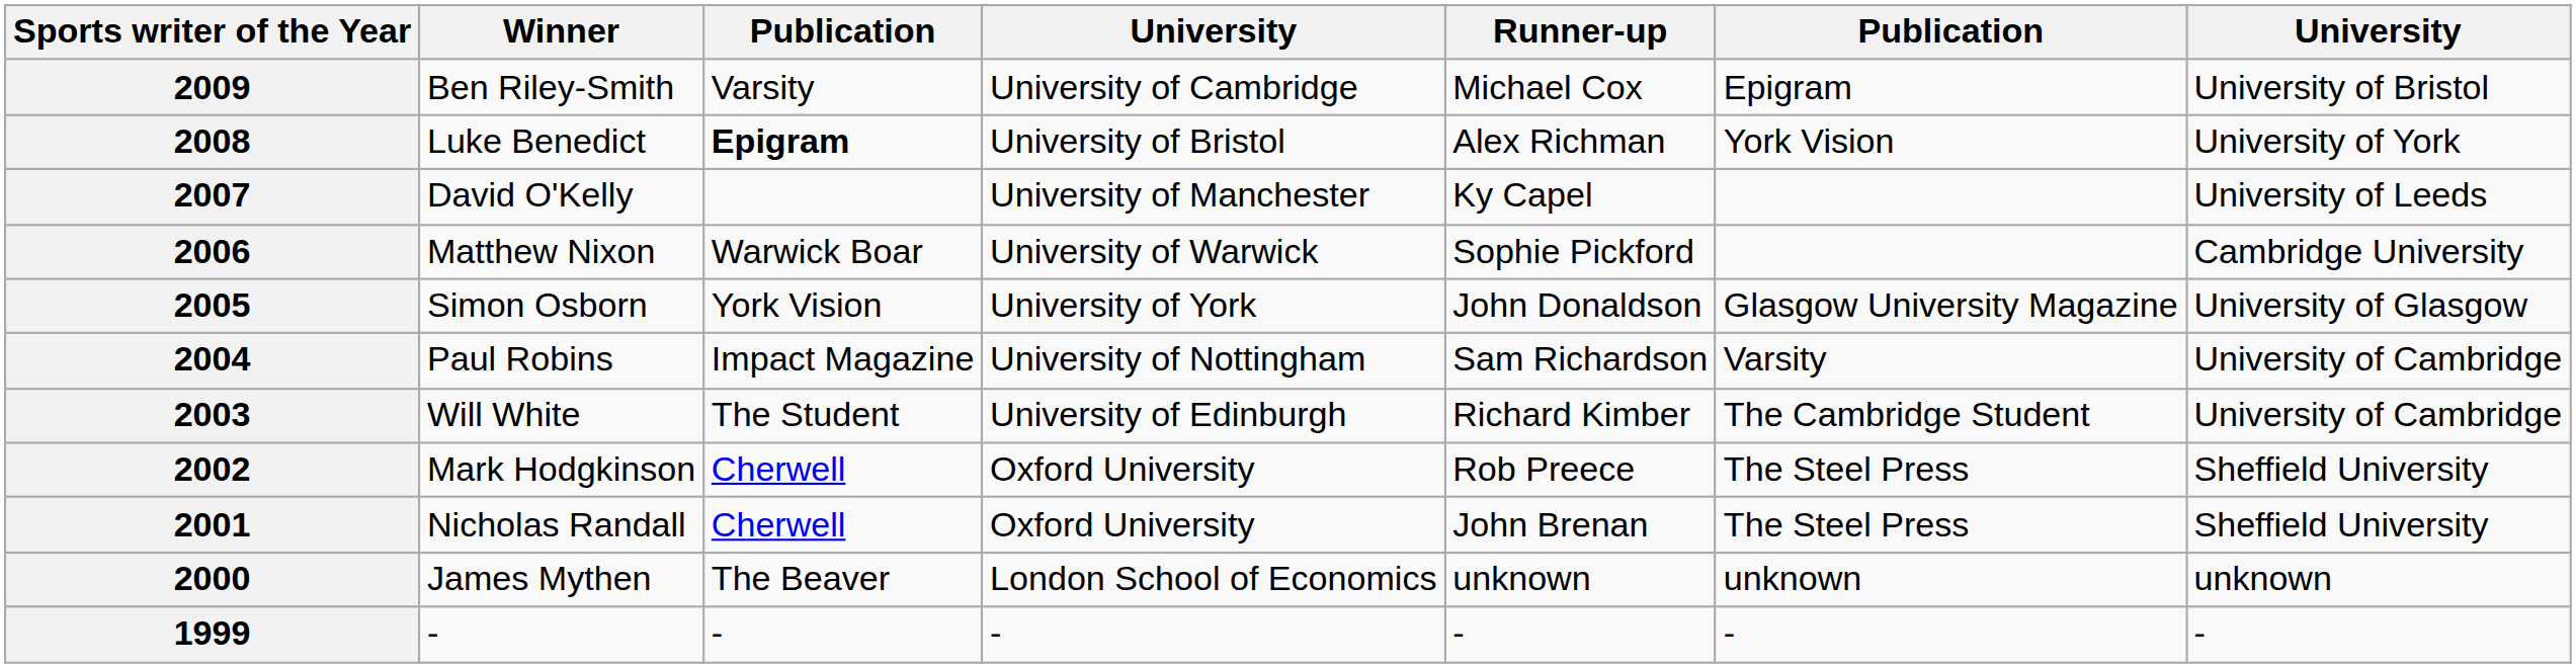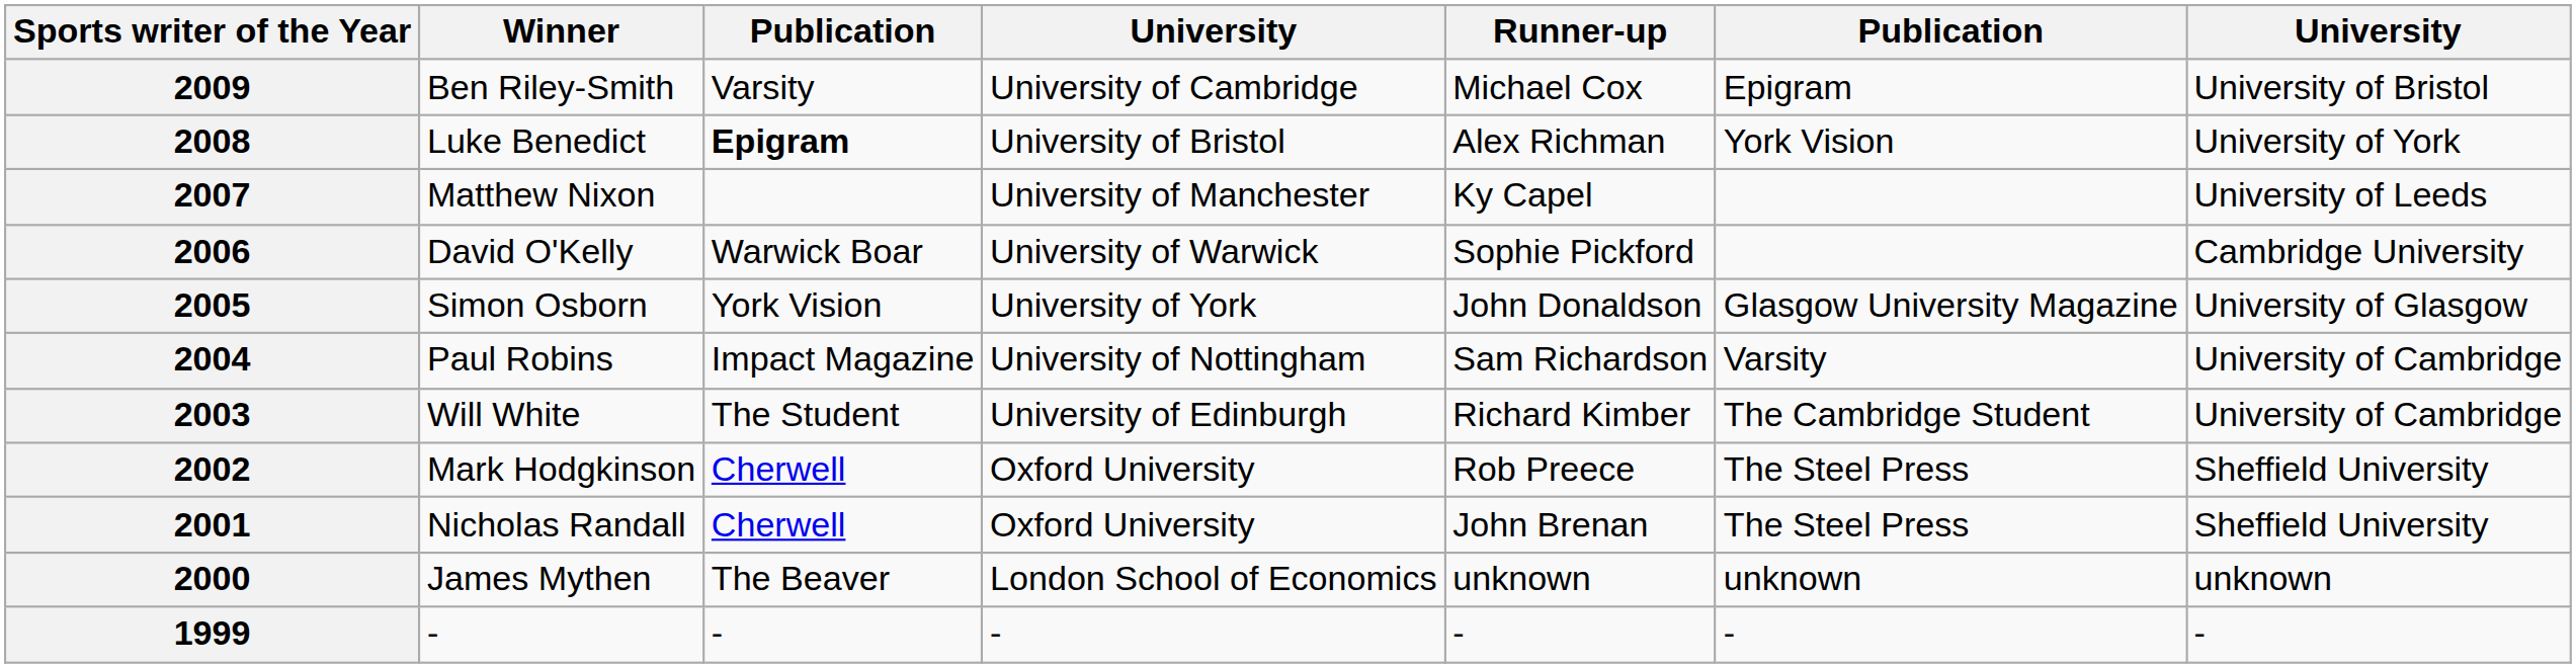 <table class="wikitable" style="font-align: center">
 <tr>
 <th>Sports writer of the Year</th>
 <th>Winner</th>
 <th>Publication</th>
 <th>University</th>
 <th>Runner-up</th>
 <th>Publication</th>
 <th>University</th>
 </tr>
 <tr>
 <th>2009</th>
 <td>Ben Riley-Smith</td>
 <td>Varsity</td>
 <td>University of Cambridge</td>
 <td>Michael Cox</td>
 <td>Epigram</td>
 <td>University of Bristol</td>
 </tr>
 <tr>
 <th>2008</th>
 <td>Luke Benedict</td>
 <td><strong>Epigram</strong></td>
 <td>University of Bristol</td>
 <td>Alex Richman</td>
 <td>York Vision</td>
 <td>University of York</td>
 </tr>
 <tr>
 <th>2007</th>
-<td>David O'Kelly</td>
+<td>Matthew Nixon</td>
 <td></td>
 <td>University of Manchester</td>
 <td>Ky Capel</td>
 <td></td>
 <td>University of Leeds</td>
 </tr>
 <tr>
 <th>2006</th>
-<td>Matthew Nixon</td>
+<td>David O'Kelly</td>
 <td>Warwick Boar</td>
 <td>University of Warwick</td>
 <td>Sophie Pickford</td>
 <td></td>
 <td>Cambridge University</td>
 </tr>
 <tr>
 <th>2005</th>
 <td>Simon Osborn</td>
 <td>York Vision</td>
 <td>University of York</td>
 <td>John Donaldson</td>
 <td>Glasgow University Magazine</td>
 <td>University of Glasgow</td>
 </tr>
 <tr>
 <th>2004</th>
 <td>Paul Robins</td>
 <td>Impact Magazine</td>
 <td>University of Nottingham</td>
 <td>Sam Richardson</td>
 <td>Varsity</td>
 <td>University of Cambridge</td>
 </tr>
 <tr>
 <th>2003</th>
 <td>Will White</td>
 <td>The Student</td>
 <td>University of Edinburgh</td>
 <td>Richard Kimber</td>
 <td>The Cambridge Student</td>
 <td>University of Cambridge</td>
 </tr>
 <tr>
 <th>2002</th>
 <td>Mark Hodgkinson</td>
 <td><a href='#'>Cherwell</a></td>
 <td>Oxford University</td>
 <td>Rob Preece</td>
 <td>The Steel Press</td>
 <td>Sheffield University</td>
 </tr>
 <tr>
 <th>2001</th>
 <td>Nicholas Randall</td>
 <td><a href='#'>Cherwell</a></td>
 <td>Oxford University</td>
 <td>John Brenan</td>
 <td>The Steel Press</td>
 <td>Sheffield University</td>
 </tr>
 <tr>
 <th>2000</th>
 <td>James Mythen</td>
 <td>The Beaver</td>
 <td>London School of Economics</td>
 <td>unknown</td>
 <td>unknown</td>
 <td>unknown</td>
 </tr>
 <tr>
 <th>1999</th>
 <td>-</td>
 <td>-</td>
 <td>-</td>
 <td>-</td>
 <td>-</td>
 <td>-</td>
 </tr>
 </table>
